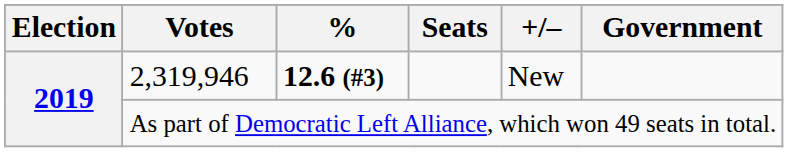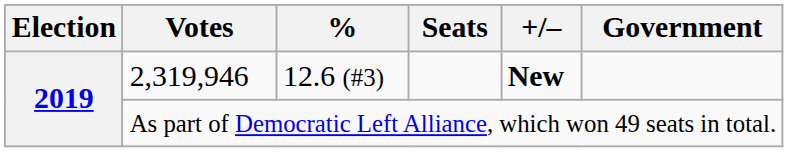 <table class="wikitable">
 <tr>
 <th>Election</th>
 <th>Votes</th>
 <th>%</th>
 <th>Seats</th>
 <th>+/–</th>
 <th>Government</th>
 </tr>
 <tr>
 <th rowspan="2"><a href='#'>2019</a></th>
 <td>2,319,946</td>
-<td><strong>12.6 <small>(#3)</small></strong></td>
+<td>12.6 <small>(#3)</small></td>
 <td></td>
-<td>New</td>
+<td><strong>New</strong></td>
 <td></td>
 </tr>
 <tr>
 <td colspan="5"><small>As part of <a href='#'>Democratic Left Alliance</a>, which won 49 seats in total.</small></td>
 </tr>
 </table>
